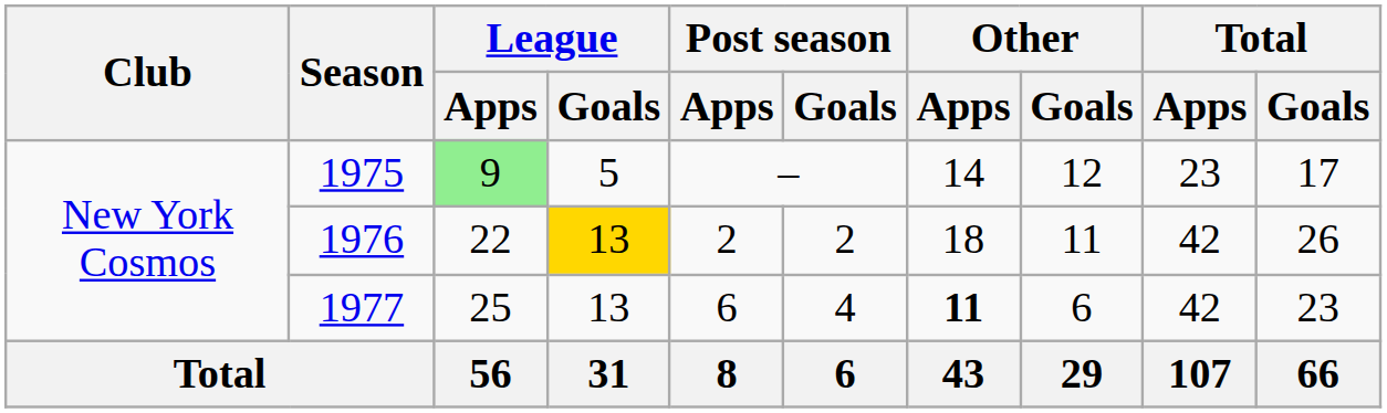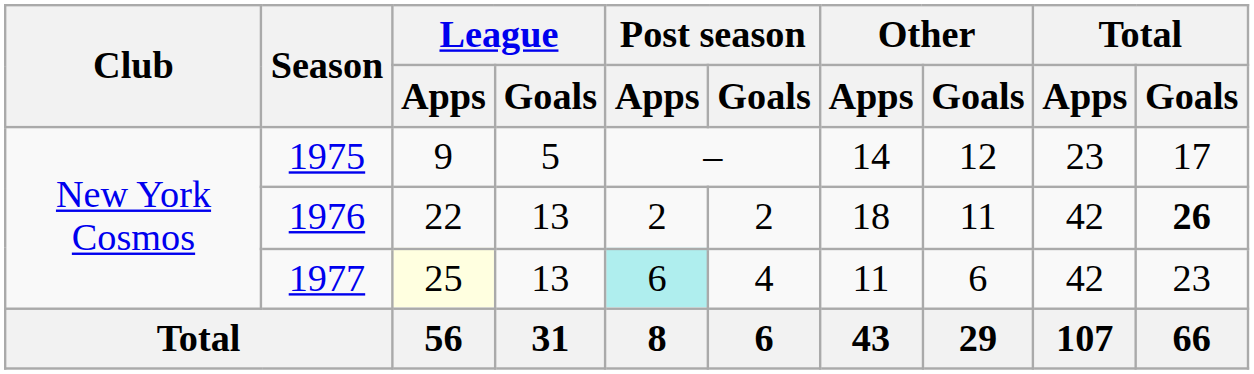 <table class="wikitable plainrowheaders" style="text-align:center;">
 <tr>
 <th scope="col" rowspan="2" style="width:100px;">Club</th>
 <th scope="col" rowspan="2">Season</th>
 <th scope="col" colspan="2"><a href='#'>League</a></th>
 <th scope="col" colspan="2">Post season</th>
 <th scope="col" colspan="2">Other</th>
 <th scope="col" colspan="2">Total</th>
 </tr>
 <tr>
 <th scope="col">Apps</th>
 <th scope="col">Goals</th>
 <th scope="col">Apps</th>
 <th scope="col">Goals</th>
 <th scope="col">Apps</th>
 <th scope="col">Goals</th>
 <th scope="col">Apps</th>
 <th scope="col">Goals</th>
 </tr>
 <tr>
 <td rowspan="3"><a href='#'>New York Cosmos</a></td>
 <td><a href='#'>1975</a></td>
-<td style="background: lightgreen;">9</td>
+<td>9</td>
 <td>5</td>
 <td colspan="2">–</td>
 <td>14</td>
 <td>12</td>
 <td>23</td>
 <td>17</td>
 </tr>
 <tr>
 <td><a href='#'>1976</a></td>
 <td>22</td>
-<td style="background: gold;">13</td>
+<td>13</td>
 <td>2</td>
 <td>2</td>
 <td>18</td>
 <td>11</td>
 <td>42</td>
-<td>26</td>
+<td><strong>26</strong></td>
 </tr>
 <tr>
 <td><a href='#'>1977</a></td>
-<td>25</td>
+<td style="background: lightyellow;">25</td>
 <td>13</td>
-<td>6</td>
+<td style="background: paleturquoise;">6</td>
 <td>4</td>
-<td><strong>11</strong></td>
+<td>11</td>
 <td>6</td>
 <td>42</td>
 <td>23</td>
 </tr>
 <tr>
 <th colspan="2">Total</th>
 <th>56</th>
 <th>31</th>
 <th>8</th>
 <th>6</th>
 <th>43</th>
 <th>29</th>
 <th>107</th>
 <th>66</th>
 </tr>
 </table>
